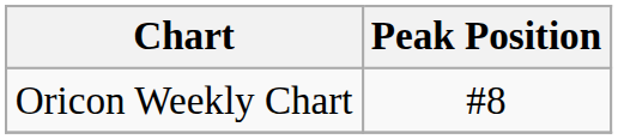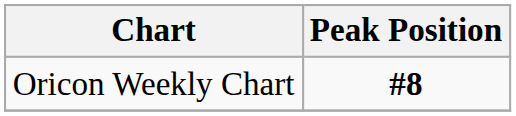 <table class="wikitable">
 <tr>
 <th>Chart</th>
 <th>Peak Position</th>
 </tr>
 <tr>
 <td>Oricon Weekly Chart</td>
-<td align="center">#8</td>
+<td align="center"><strong>#8</strong></td>
 </tr>
 <tr>
 </tr>
 </table>
